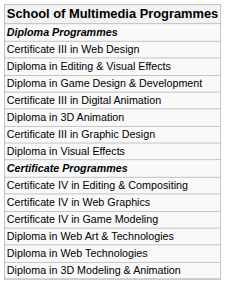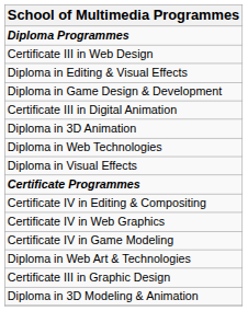 <table class="wikitable">
 <tr>
 <th><strong><big>School of Multimedia Programmes</big></strong></th>
 </tr>
 <tr>
 <td><strong><em>Diploma Programmes</em></strong></td>
 </tr>
 <tr>
 <td>Certificate III in Web Design</td>
 </tr>
 <tr>
 <td>Diploma in Editing & Visual Effects</td>
 </tr>
 <tr>
 <td>Diploma in Game Design & Development</td>
 </tr>
 <tr>
 <td>Certificate III in Digital Animation</td>
 </tr>
 <tr>
 <td>Diploma in 3D Animation</td>
 </tr>
 <tr>
-<td>Certificate III in Graphic Design</td>
+<td>Diploma in Web Technologies</td>
 </tr>
 <tr>
 <td>Diploma in Visual Effects</td>
 </tr>
 <tr>
 <td><strong><em>Certificate Programmes</em></strong></td>
 </tr>
 <tr>
 <td>Certificate IV in Editing & Compositing</td>
 </tr>
 <tr>
 <td>Certificate IV in Web Graphics</td>
 </tr>
 <tr>
 <td>Certificate IV in Game Modeling</td>
 </tr>
 <tr>
 <td>Diploma in Web Art & Technologies</td>
 </tr>
 <tr>
-<td>Diploma in Web Technologies</td>
+<td>Certificate III in Graphic Design</td>
 </tr>
 <tr>
 <td>Diploma in 3D Modeling & Animation</td>
 </tr>
 <tr>
 </tr>
 </table>
